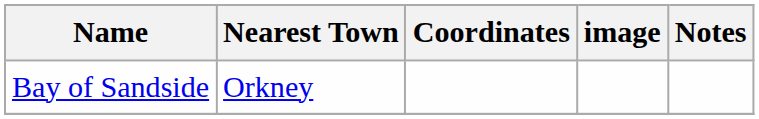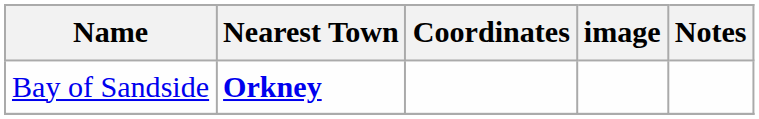 <table class="wikitable sortable" style="table-layout:fixed;background-color:#FEFEFE;font-size:95%;padding:0.30em;line-height:1.35em;">
 <tr>
 <th scope="col">Name</th>
 <th scope="col">Nearest Town</th>
 <th scope="col" data-sort-type="number">Coordinates</th>
 <th scope="col">image</th>
 <th class="unsortable">Notes</th>
 </tr>
 <tr>
 <td><a href='#'>Bay of Sandside</a></td>
-<td><a href='#'>Orkney</a></td>
+<td><strong><a href='#'>Orkney</a></strong></td>
 <td></td>
 <td></td>
 <td></td>
 </tr>
 <tr>
 </tr>
 </table>
